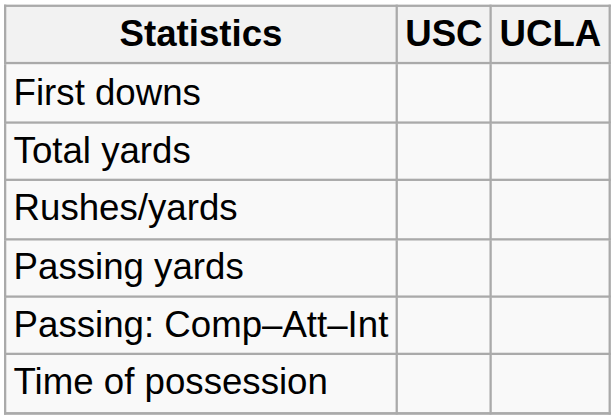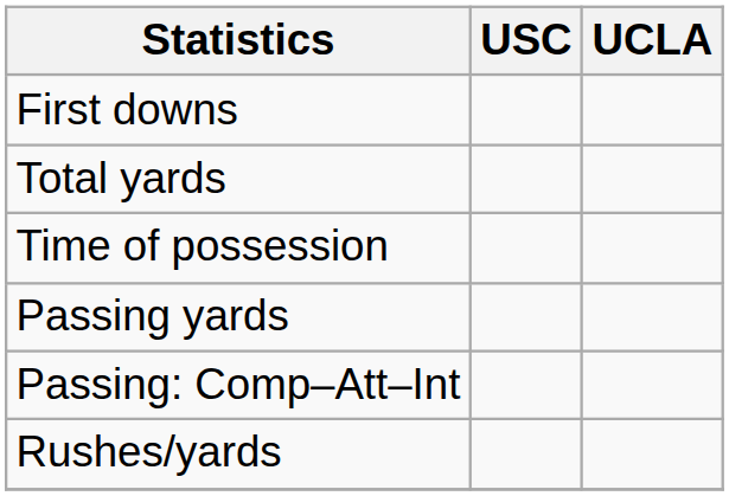 <table class="wikitable" style="float: left;">
 <tr>
 <th>Statistics</th>
 <th>USC</th>
 <th>UCLA</th>
 </tr>
 <tr>
 <td>First downs</td>
 <td></td>
 <td></td>
 </tr>
 <tr>
 <td>Total yards</td>
 <td></td>
 <td></td>
 </tr>
 <tr>
-<td>Rushes/yards</td>
+<td>Time of possession</td>
 <td></td>
 <td></td>
 </tr>
 <tr>
 <td>Passing yards</td>
 <td></td>
 <td></td>
 </tr>
 <tr>
 <td>Passing: Comp–Att–Int</td>
 <td></td>
 <td></td>
 </tr>
 <tr>
-<td>Time of possession</td>
+<td>Rushes/yards</td>
 <td></td>
 <td></td>
 </tr>
 <tr>
 </tr>
 </table>
